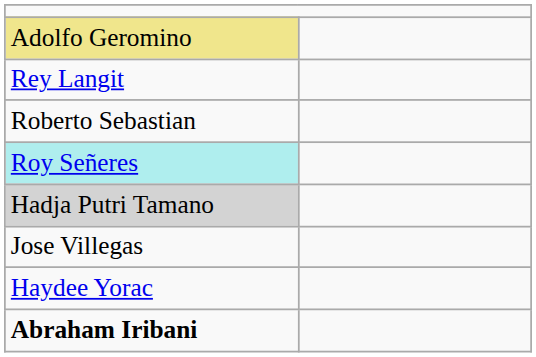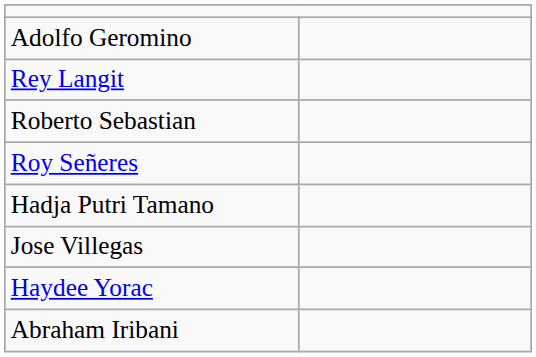 <table class=wikitable style="font-size:90%" width=300px>
 <tr>
 <td colspan=4 bgcolor=></td>
 </tr>
 <tr>
-<td width=160px style="background: khaki;">Adolfo Geromino</td>
+<td width=160px>Adolfo Geromino</td>
 <td></td>
 </tr>
 <tr>
 <td><a href='#'>Rey Langit</a></td>
 <td></td>
 </tr>
 <tr>
 <td>Roberto Sebastian</td>
 <td></td>
 </tr>
 <tr>
-<td style="background: paleturquoise;"><a href='#'>Roy Señeres</a></td>
+<td><a href='#'>Roy Señeres</a></td>
 <td></td>
 </tr>
 <tr>
-<td style="background: lightgrey;">Hadja Putri Tamano</td>
+<td>Hadja Putri Tamano</td>
 <td></td>
 </tr>
 <tr>
 <td>Jose Villegas</td>
 <td></td>
 </tr>
 <tr>
 <td><a href='#'>Haydee Yorac</a></td>
 <td></td>
 </tr>
 <tr>
-<td><strong>Abraham Iribani</strong></td>
+<td>Abraham Iribani</td>
 <td></td>
 </tr>
 </table>
